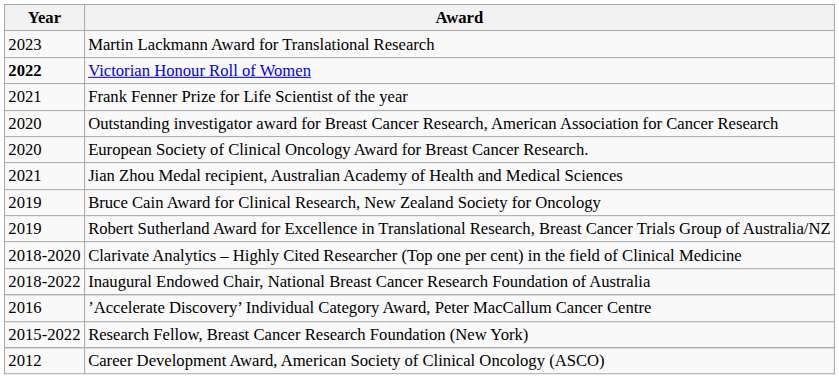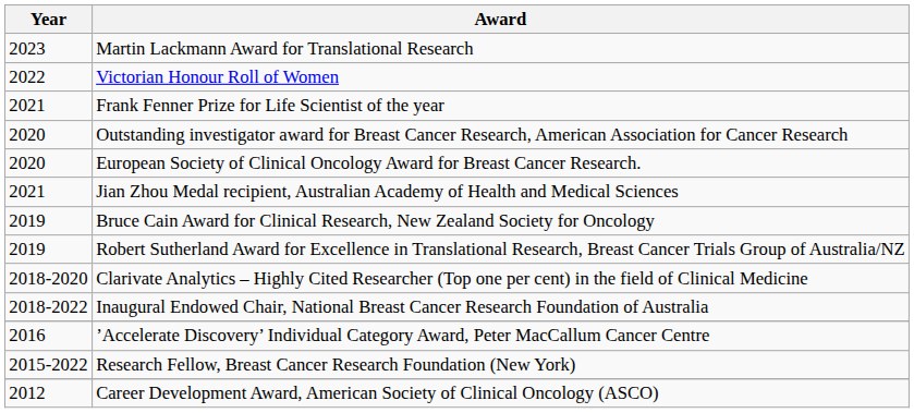 <table class="wikitable plainrowheaders">
 <tr>
 <th scope="col">Year</th>
 <th scope="col">Award</th>
 </tr>
 <tr>
 <td>2023</td>
 <td>Martin Lackmann Award for Translational Research</td>
 </tr>
 <tr>
-<td><strong>2022</strong></td>
+<td>2022</td>
 <td><a href='#'>Victorian Honour Roll of Women</a></td>
 </tr>
 <tr>
 <td>2021</td>
 <td>Frank Fenner Prize for Life Scientist of the year</td>
 </tr>
 <tr>
 <td>2020</td>
 <td>Outstanding investigator award for Breast Cancer Research, American Association for Cancer Research</td>
 </tr>
 <tr>
 <td>2020</td>
 <td>European Society of Clinical Oncology Award for Breast Cancer Research.</td>
 </tr>
 <tr>
 <td>2021</td>
 <td>Jian Zhou Medal recipient, Australian Academy of Health and Medical Sciences</td>
 </tr>
 <tr>
 <td>2019</td>
 <td>Bruce Cain Award for Clinical Research, New Zealand Society for Oncology</td>
 </tr>
 <tr>
 <td>2019</td>
 <td>Robert Sutherland Award for Excellence in Translational Research, Breast Cancer Trials Group of Australia/NZ</td>
 </tr>
 <tr>
 <td>2018-2020</td>
 <td>Clarivate Analytics – Highly Cited Researcher (Top one per cent) in the field of Clinical Medicine</td>
 </tr>
 <tr>
 <td>2018-2022</td>
 <td>Inaugural Endowed Chair, National Breast Cancer Research Foundation of Australia</td>
 </tr>
 <tr>
 </tr>
 <tr>
 <td>2016</td>
 <td>’Accelerate Discovery’ Individual Category Award, Peter MacCallum Cancer Centre</td>
 </tr>
 <tr>
 <td>2015-2022</td>
 <td>Research Fellow, Breast Cancer Research Foundation (New York)</td>
 </tr>
 <tr>
 </tr>
 <tr>
 <td>2012</td>
 <td>Career Development Award, American Society of Clinical Oncology (ASCO)</td>
 </tr>
 </table>
